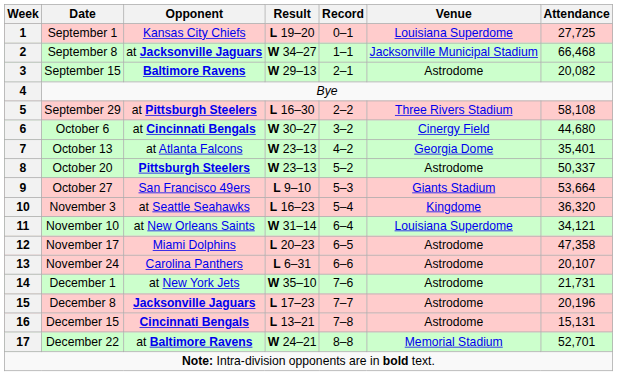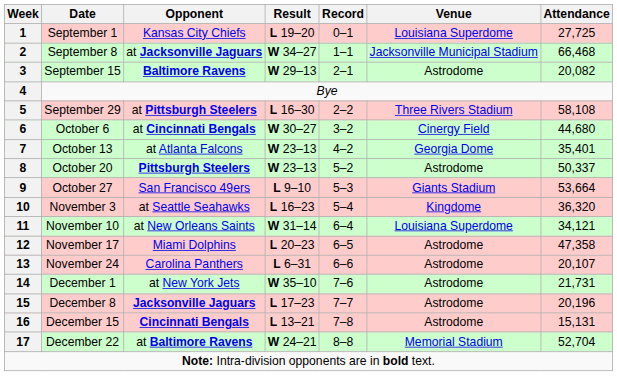 <table class="wikitable" style="text-align:center">
 <tr>
 <th>Week</th>
 <th>Date</th>
 <th>Opponent</th>
 <th>Result</th>
 <th>Record</th>
 <th>Venue</th>
 <th>Attendance</th>
 </tr>
 <tr style="background:#fcc">
 <th>1</th>
 <td>September 1</td>
 <td><a href='#'>Kansas City Chiefs</a></td>
 <td><strong>L</strong> 19–20</td>
 <td>0–1</td>
 <td><a href='#'>Louisiana Superdome</a></td>
 <td>27,725</td>
 </tr>
 <tr style="background:#cfc">
 <th>2</th>
 <td>September 8</td>
 <td>at <strong><a href='#'>Jacksonville Jaguars</a></strong></td>
 <td><strong>W</strong> 34–27</td>
 <td>1–1</td>
 <td><a href='#'>Jacksonville Municipal Stadium</a></td>
 <td>66,468</td>
 </tr>
 <tr style="background:#cfc">
 <th>3</th>
 <td>September 15</td>
 <td><strong><a href='#'>Baltimore Ravens</a></strong></td>
 <td><strong>W</strong> 29–13</td>
 <td>2–1</td>
 <td>Astrodome</td>
 <td>20,082</td>
 </tr>
 <tr>
 <th>4</th>
 <td colspan=6 align="center"><em>Bye</em></td>
 </tr>
 <tr style="background:#fcc">
 <th>5</th>
 <td>September 29</td>
 <td>at <strong><a href='#'>Pittsburgh Steelers</a></strong></td>
 <td><strong>L</strong> 16–30</td>
 <td>2–2</td>
 <td><a href='#'>Three Rivers Stadium</a></td>
 <td>58,108</td>
 </tr>
 <tr style="background:#cfc">
 <th>6</th>
 <td>October 6</td>
 <td>at <strong><a href='#'>Cincinnati Bengals</a></strong></td>
 <td><strong>W</strong> 30–27 </td>
 <td>3–2</td>
 <td><a href='#'>Cinergy Field</a></td>
 <td>44,680</td>
 </tr>
 <tr style="background:#cfc">
 <th>7</th>
 <td>October 13</td>
 <td>at <a href='#'>Atlanta Falcons</a></td>
 <td><strong>W</strong> 23–13</td>
 <td>4–2</td>
 <td><a href='#'>Georgia Dome</a></td>
 <td>35,401</td>
 </tr>
 <tr style="background:#cfc">
 <th>8</th>
 <td>October 20</td>
 <td><strong><a href='#'>Pittsburgh Steelers</a></strong></td>
 <td><strong>W</strong> 23–13</td>
 <td>5–2</td>
 <td>Astrodome</td>
 <td>50,337</td>
 </tr>
 <tr style="background:#fcc">
 <th>9</th>
 <td>October 27</td>
 <td><a href='#'>San Francisco 49ers</a></td>
 <td><strong>L</strong> 9–10</td>
 <td>5–3</td>
 <td><a href='#'>Giants Stadium</a></td>
 <td>53,664</td>
 </tr>
 <tr style="background:#fcc">
 <th>10</th>
 <td>November 3</td>
 <td>at <a href='#'>Seattle Seahawks</a></td>
 <td><strong>L</strong> 16–23</td>
 <td>5–4</td>
 <td><a href='#'>Kingdome</a></td>
 <td>36,320</td>
 </tr>
 <tr style="background:#cfc">
 <th>11</th>
 <td>November 10</td>
 <td>at <a href='#'>New Orleans Saints</a></td>
 <td><strong>W</strong> 31–14</td>
 <td>6–4</td>
 <td><a href='#'>Louisiana Superdome</a></td>
 <td>34,121</td>
 </tr>
 <tr style="background:#fcc">
 <th>12</th>
 <td>November 17</td>
 <td><a href='#'>Miami Dolphins</a></td>
 <td><strong>L</strong> 20–23</td>
 <td>6–5</td>
 <td>Astrodome</td>
 <td>47,358</td>
 </tr>
 <tr style="background:#fcc">
 <th>13</th>
 <td>November 24</td>
 <td><a href='#'>Carolina Panthers</a></td>
 <td><strong>L</strong> 6–31</td>
 <td>6–6</td>
 <td>Astrodome</td>
 <td>20,107</td>
 </tr>
 <tr style="background:#cfc">
 <th>14</th>
 <td>December 1</td>
 <td>at <a href='#'>New York Jets</a></td>
 <td><strong>W</strong> 35–10</td>
 <td>7–6</td>
 <td>Astrodome</td>
 <td>21,731</td>
 </tr>
 <tr style="background:#fcc">
 <th>15</th>
 <td>December 8</td>
 <td><strong><a href='#'>Jacksonville Jaguars</a></strong></td>
 <td><strong>L</strong> 17–23</td>
 <td>7–7</td>
 <td>Astrodome</td>
 <td>20,196</td>
 </tr>
 <tr style="background:#fcc">
 <th>16</th>
 <td>December 15</td>
 <td><strong><a href='#'>Cincinnati Bengals</a></strong></td>
 <td><strong>L</strong> 13–21</td>
 <td>7–8</td>
 <td>Astrodome</td>
 <td>15,131</td>
 </tr>
 <tr style="background:#cfc">
 <th>17</th>
 <td>December 22</td>
 <td>at <strong><a href='#'>Baltimore Ravens</a></strong></td>
 <td><strong>W</strong> 24–21</td>
 <td>8–8</td>
 <td><a href='#'>Memorial Stadium</a></td>
-<td>52,701</td>
+<td>52,704</td>
 </tr>
 <tr>
 <td colspan="8"><strong>Note:</strong> Intra-division opponents are in <strong>bold</strong> text.</td>
 </tr>
 </table>
